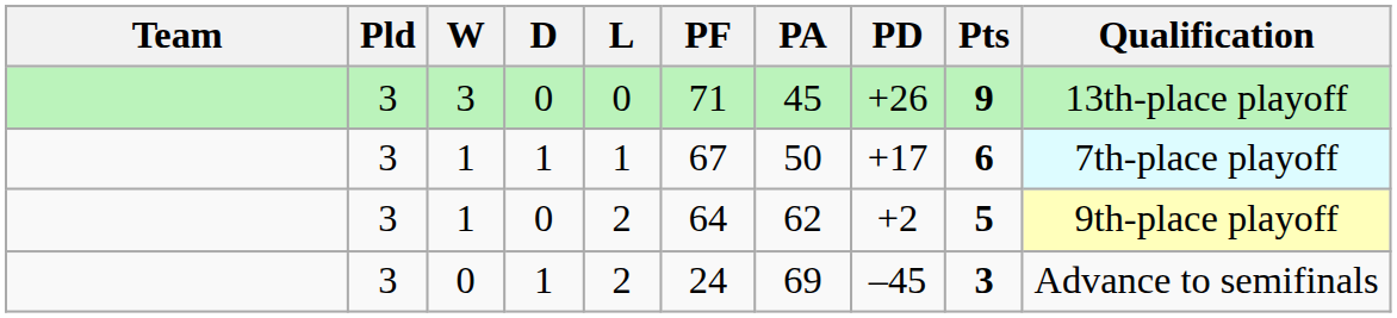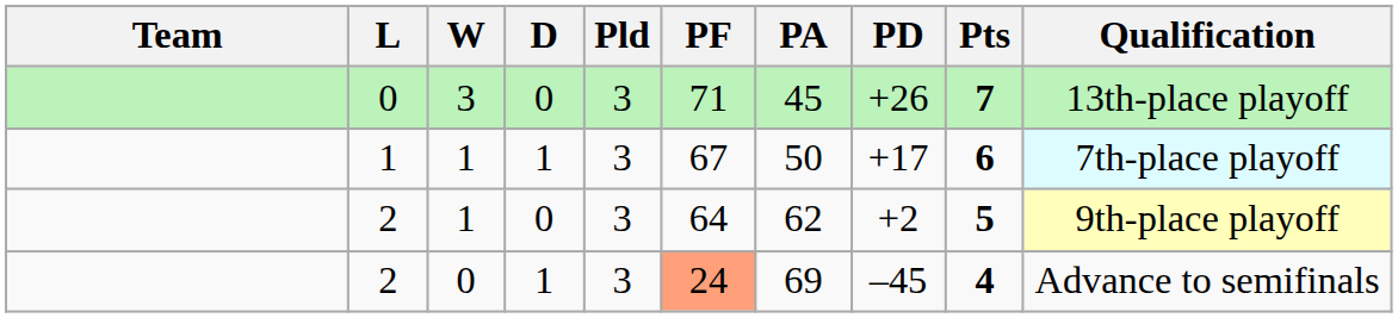 <table class="wikitable" style="text-align:center;">
 <tr>
 <th width=135>Team</th>
-<th width=25 abbr="Played">Pld</th>
+<th width=25 abbr="Lost">L</th>
 <th width=25 abbr="Won">W</th>
 <th width=25 abbr="Drawn">D</th>
-<th width=25 abbr="Lost">L</th>
+<th width=25 abbr="Played">Pld</th>
 <th width=32 abbr="Points for">PF</th>
 <th width=32 abbr="Points against">PA</th>
 <th width=32 abbr="Points difference">PD</th>
 <th width=25 abbr="Points">Pts</th>
 <th width=145>Qualification</th>
 </tr>
 <tr style="background:#BBF3BB;">
 <td align="left"></td>
-<td>3</td>
+<td>0</td>
 <td>3</td>
 <td>0</td>
-<td>0</td>
+<td>3</td>
 <td>71</td>
 <td>45</td>
 <td>+26</td>
-<td><strong>9</strong></td>
+<td><strong>7</strong></td>
 <td>13th-place playoff</td>
 </tr>
 <tr>
 <td align="left"></td>
-<td>3</td>
 <td>1</td>
 <td>1</td>
 <td>1</td>
+<td>3</td>
 <td>67</td>
 <td>50</td>
 <td>+17</td>
 <td><strong>6</strong></td>
 <td style="background:#DDFCFF;">7th-place playoff</td>
 </tr>
 <tr>
 <td align="left"></td>
-<td>3</td>
+<td>2</td>
 <td>1</td>
 <td>0</td>
-<td>2</td>
+<td>3</td>
 <td>64</td>
 <td>62</td>
 <td>+2</td>
 <td><strong>5</strong></td>
 <td style="background:#FFFFBB;">9th-place playoff</td>
 </tr>
 <tr>
 <td align="left"></td>
-<td>3</td>
+<td>2</td>
 <td>0</td>
 <td>1</td>
-<td>2</td>
-<td>24</td>
+<td>3</td>
+<td style="background: lightsalmon;">24</td>
 <td>69</td>
 <td>–45</td>
-<td><strong>3</strong></td>
+<td><strong>4</strong></td>
 <td>Advance to semifinals</td>
 </tr>
 </table>
